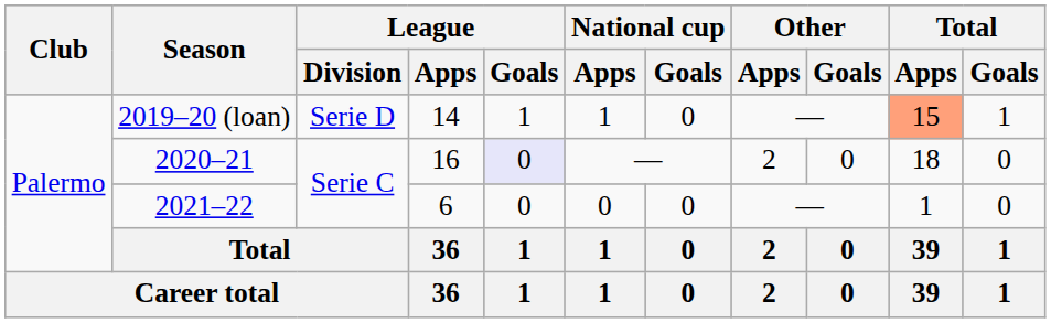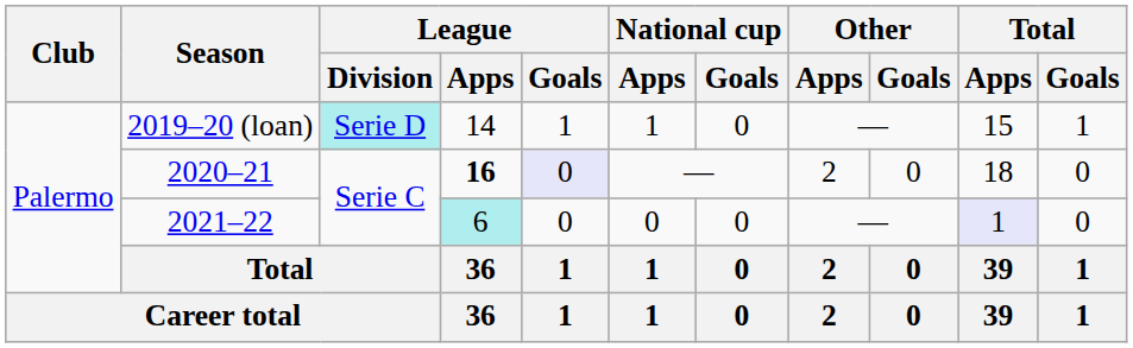 <table class="wikitable" style="text-align: center;">
 <tr>
 <th rowspan="2">Club</th>
 <th rowspan="2">Season</th>
 <th colspan="3">League</th>
 <th colspan="2">National cup</th>
 <th colspan="2">Other</th>
 <th colspan="2">Total</th>
 </tr>
 <tr>
 <th>Division</th>
 <th>Apps</th>
 <th>Goals</th>
 <th>Apps</th>
 <th>Goals</th>
 <th>Apps</th>
 <th>Goals</th>
 <th>Apps</th>
 <th>Goals</th>
 </tr>
 <tr>
 <td rowspan="4"><a href='#'>Palermo</a></td>
 <td><a href='#'>2019–20</a> (loan)</td>
-<td><a href='#'>Serie D</a></td>
+<td style="background: paleturquoise;"><a href='#'>Serie D</a></td>
 <td>14</td>
 <td>1</td>
 <td>1</td>
 <td>0</td>
 <td colspan="2">—</td>
-<td style="background: lightsalmon;">15</td>
+<td>15</td>
 <td>1</td>
 </tr>
 <tr>
 <td><a href='#'>2020–21</a></td>
 <td rowspan="2"><a href='#'>Serie C</a></td>
-<td>16</td>
+<td><strong>16</strong></td>
 <td style="background: lavender;">0</td>
 <td colspan="2">—</td>
 <td>2</td>
 <td>0</td>
 <td>18</td>
 <td>0</td>
 </tr>
 <tr>
 <td><a href='#'>2021–22</a></td>
-<td>6</td>
+<td style="background: paleturquoise;">6</td>
 <td>0</td>
 <td>0</td>
 <td>0</td>
 <td colspan="2">—</td>
-<td>1</td>
+<td style="background: lavender;">1</td>
 <td>0</td>
 </tr>
 <tr>
 <th colspan="2">Total</th>
 <th>36</th>
 <th>1</th>
 <th>1</th>
 <th>0</th>
 <th>2</th>
 <th>0</th>
 <th>39</th>
 <th>1</th>
 </tr>
 <tr>
 <th colspan="3">Career total</th>
 <th>36</th>
 <th>1</th>
 <th>1</th>
 <th>0</th>
 <th>2</th>
 <th>0</th>
 <th>39</th>
 <th>1</th>
 </tr>
 </table>
